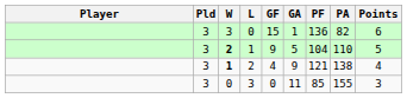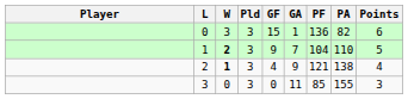 <table class=wikitable style="text-align:center">
 <tr>
 <th width=220>Player</th>
+<th width=20>L</th>
+<th width=20>W</th>
 <th width=20>Pld</th>
-<th width=20>W</th>
-<th width=20>L</th>
 <th width=20>GF</th>
 <th width=20>GA</th>
 <th width=20>PF</th>
 <th width=20>PA</th>
 <th width=50>Points</th>
 </tr>
 <tr bgcolor="#ccffcc">
 <td align=left></td>
+<td>0</td>
 <td>3</td>
 <td>3</td>
-<td>0</td>
 <td>15</td>
 <td>1</td>
 <td>136</td>
 <td>82</td>
 <td>6</td>
 </tr>
 <tr bgcolor="#ccffcc">
 <td align=left></td>
+<td>1</td>
+<td><strong>2</strong></td>
 <td>3</td>
-<td><strong>2</strong></td>
-<td>1</td>
 <td>9</td>
-<td>5</td>
+<td>7</td>
 <td>104</td>
 <td>110</td>
 <td>5</td>
 </tr>
 <tr>
 <td align=left></td>
+<td>2</td>
+<td><strong>1</strong></td>
 <td>3</td>
-<td><strong>1</strong></td>
-<td>2</td>
 <td>4</td>
 <td>9</td>
 <td>121</td>
 <td>138</td>
 <td>4</td>
 </tr>
 <tr>
 <td align=left></td>
 <td>3</td>
 <td>0</td>
 <td>3</td>
 <td>0</td>
 <td>11</td>
 <td>85</td>
 <td>155</td>
 <td>3</td>
 </tr>
 </table>
